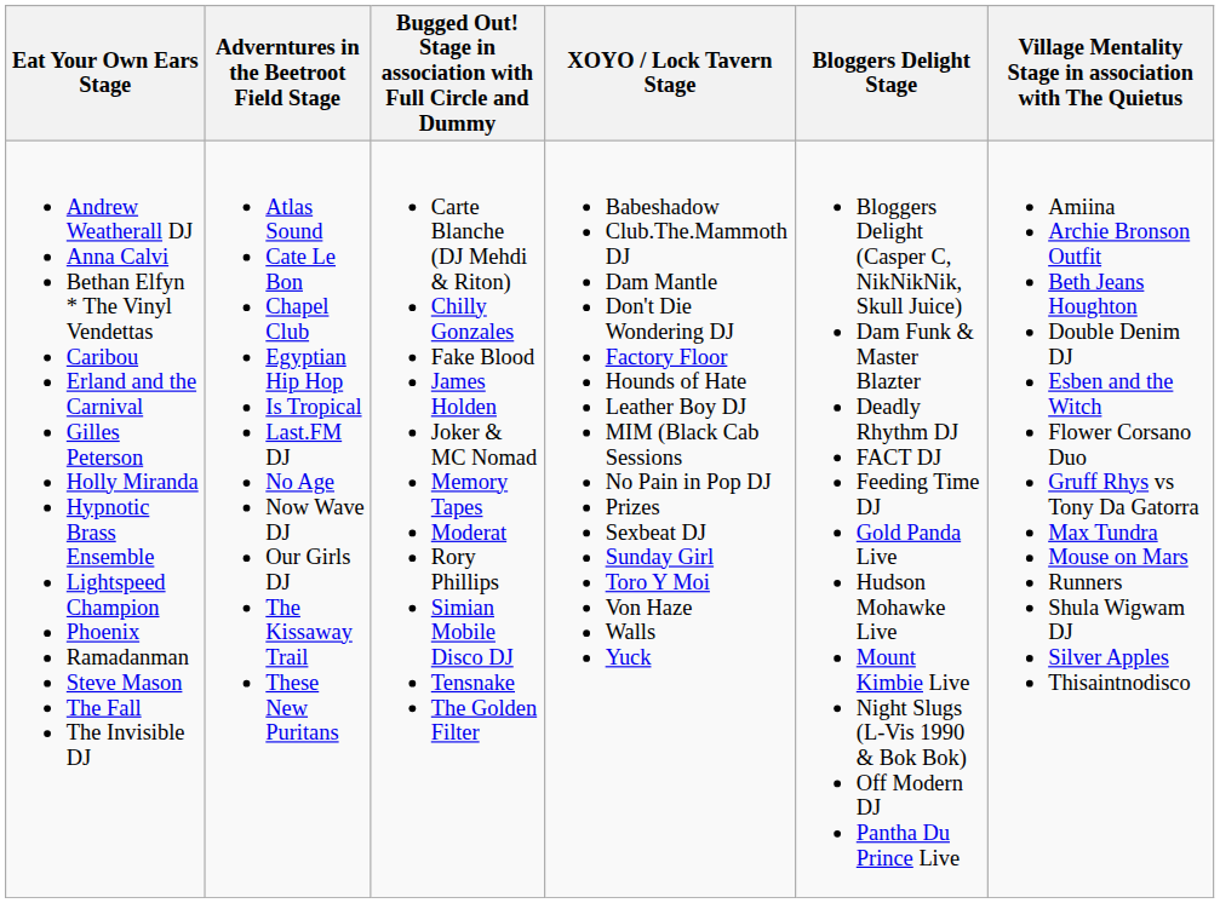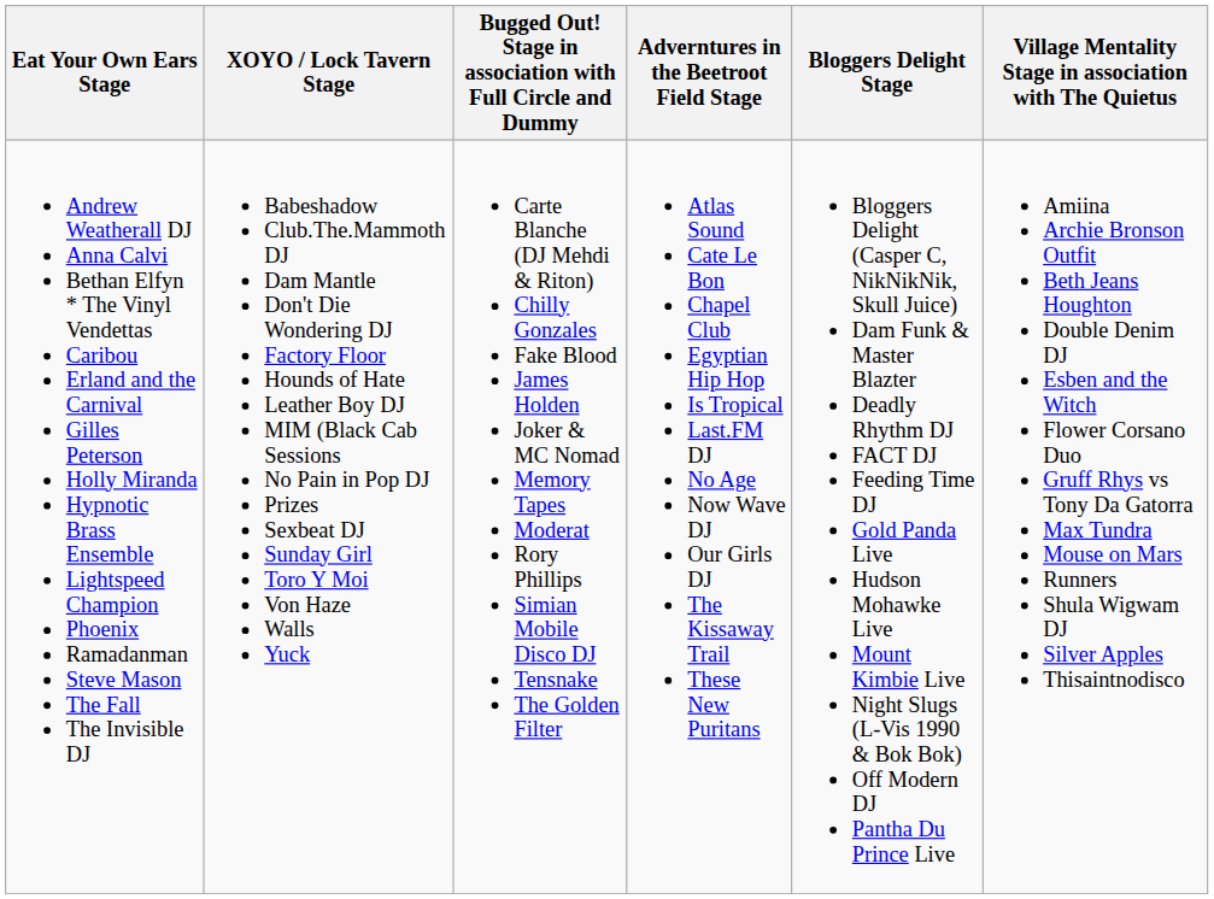 <table class="wikitable">
 <tr>
 <th>Eat Your Own Ears Stage</th>
+<th>XOYO / Lock Tavern Stage</th>
+<th>Bugged Out! Stage in association with Full Circle and Dummy</th>
 <th>Adverntures in the Beetroot Field Stage</th>
-<th>Bugged Out! Stage in association with Full Circle and Dummy</th>
-<th>XOYO / Lock Tavern Stage</th>
 <th>Bloggers Delight Stage</th>
 <th>Village Mentality Stage in association with The Quietus</th>
 </tr>
 <tr valign="top">
 <td><br><ul><li><a href='#'>Andrew Weatherall</a> DJ</li><li><a href='#'>Anna Calvi</a></li><li>Bethan Elfyn * The Vinyl Vendettas</li><li><a href='#'>Caribou</a></li><li><a href='#'>Erland and the Carnival</a></li><li><a href='#'>Gilles Peterson</a></li><li><a href='#'>Holly Miranda</a></li><li><a href='#'>Hypnotic Brass Ensemble</a></li><li><a href='#'>Lightspeed Champion</a></li><li><a href='#'>Phoenix</a></li><li>Ramadanman</li><li><a href='#'>Steve Mason</a></li><li><a href='#'>The Fall</a></li><li>The Invisible DJ</li></ul></td>
+<td><br><ul><li>Babeshadow</li><li>Club.The.Mammoth DJ</li><li>Dam Mantle</li><li>Don't Die Wondering DJ</li><li><a href='#'>Factory Floor</a></li><li>Hounds of Hate</li><li>Leather Boy DJ</li><li>MIM (Black Cab Sessions</li><li>No Pain in Pop DJ</li><li>Prizes</li><li>Sexbeat DJ</li><li><a href='#'>Sunday Girl</a></li><li><a href='#'>Toro Y Moi</a></li><li>Von Haze</li><li>Walls</li><li><a href='#'>Yuck</a></li></ul></td>
+<td><br><ul><li>Carte Blanche (DJ Mehdi & Riton)</li><li><a href='#'>Chilly Gonzales</a></li><li>Fake Blood</li><li><a href='#'>James Holden</a></li><li>Joker & MC Nomad</li><li><a href='#'>Memory Tapes</a></li><li><a href='#'>Moderat</a></li><li>Rory Phillips</li><li><a href='#'>Simian Mobile Disco DJ</a></li><li><a href='#'>Tensnake</a></li><li><a href='#'>The Golden Filter</a></li></ul></td>
 <td><br><ul><li><a href='#'>Atlas Sound</a></li><li><a href='#'>Cate Le Bon</a></li><li><a href='#'>Chapel Club</a></li><li><a href='#'>Egyptian Hip Hop</a></li><li><a href='#'>Is Tropical</a></li><li><a href='#'>Last.FM</a> DJ</li><li><a href='#'>No Age</a></li><li>Now Wave DJ</li><li>Our Girls DJ</li><li><a href='#'>The Kissaway Trail</a></li><li><a href='#'>These New Puritans</a></li></ul></td>
-<td><br><ul><li>Carte Blanche (DJ Mehdi & Riton)</li><li><a href='#'>Chilly Gonzales</a></li><li>Fake Blood</li><li><a href='#'>James Holden</a></li><li>Joker & MC Nomad</li><li><a href='#'>Memory Tapes</a></li><li><a href='#'>Moderat</a></li><li>Rory Phillips</li><li><a href='#'>Simian Mobile Disco DJ</a></li><li><a href='#'>Tensnake</a></li><li><a href='#'>The Golden Filter</a></li></ul></td>
-<td><br><ul><li>Babeshadow</li><li>Club.The.Mammoth DJ</li><li>Dam Mantle</li><li>Don't Die Wondering DJ</li><li><a href='#'>Factory Floor</a></li><li>Hounds of Hate</li><li>Leather Boy DJ</li><li>MIM (Black Cab Sessions</li><li>No Pain in Pop DJ</li><li>Prizes</li><li>Sexbeat DJ</li><li><a href='#'>Sunday Girl</a></li><li><a href='#'>Toro Y Moi</a></li><li>Von Haze</li><li>Walls</li><li><a href='#'>Yuck</a></li></ul></td>
 <td><br><ul><li>Bloggers Delight (Casper C, NikNikNik, Skull Juice)</li><li>Dam Funk & Master Blazter</li><li>Deadly Rhythm DJ</li><li>FACT DJ</li><li>Feeding Time DJ</li><li><a href='#'>Gold Panda</a> Live</li><li>Hudson Mohawke Live</li><li><a href='#'>Mount Kimbie</a> Live</li><li>Night Slugs (L-Vis 1990 & Bok Bok)</li><li>Off Modern DJ</li><li><a href='#'>Pantha Du Prince</a> Live</li></ul></td>
 <td><br><ul><li>Amiina</li><li><a href='#'>Archie Bronson Outfit</a></li><li><a href='#'>Beth Jeans Houghton</a></li><li>Double Denim DJ</li><li><a href='#'>Esben and the Witch</a></li><li>Flower Corsano Duo</li><li><a href='#'>Gruff Rhys</a> vs Tony Da Gatorra</li><li><a href='#'>Max Tundra</a></li><li><a href='#'>Mouse on Mars</a></li><li>Runners</li><li>Shula Wigwam DJ</li><li><a href='#'>Silver Apples</a></li><li>Thisaintnodisco</li></ul></td>
 </tr>
 </table>
